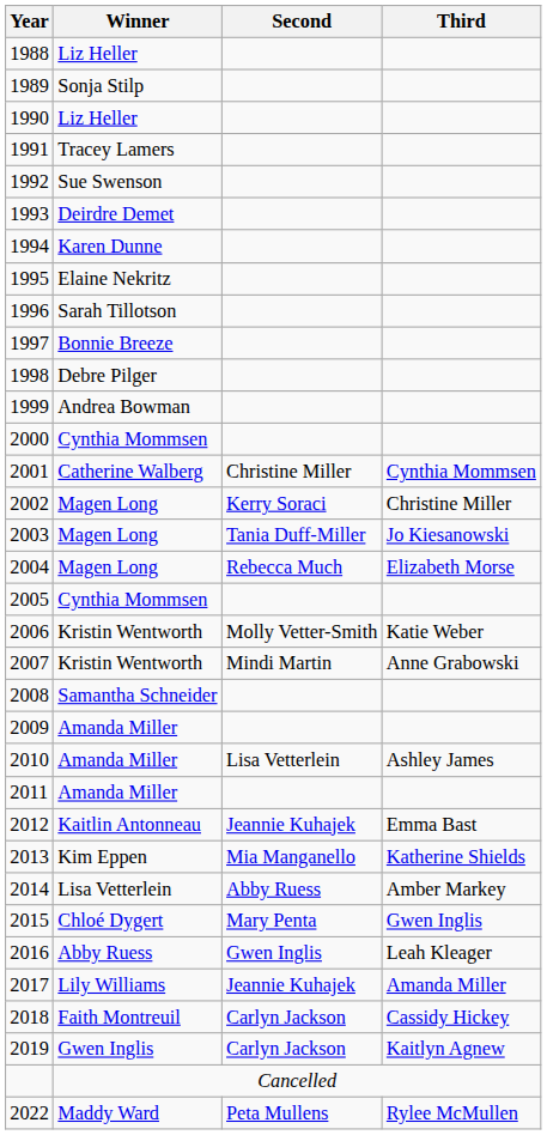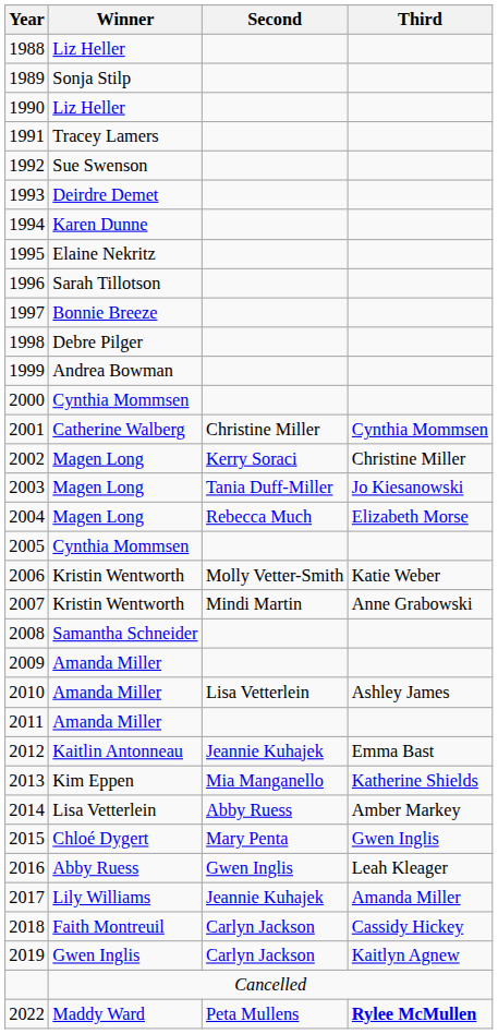 <table class="wikitable sortable" style="font-size:95%">
 <tr>
 <th>Year</th>
 <th>Winner</th>
 <th>Second</th>
 <th>Third</th>
 </tr>
 <tr>
 <td>1988</td>
 <td> <a href='#'>Liz Heller</a></td>
 <td></td>
 <td></td>
 </tr>
 <tr>
 <td>1989</td>
 <td> Sonja Stilp</td>
 <td></td>
 <td></td>
 </tr>
 <tr>
 <td>1990</td>
 <td> <a href='#'>Liz Heller</a></td>
 <td></td>
 <td></td>
 </tr>
 <tr>
 <td>1991</td>
 <td> Tracey Lamers</td>
 <td></td>
 <td></td>
 </tr>
 <tr>
 <td>1992</td>
 <td> Sue Swenson</td>
 <td></td>
 <td></td>
 </tr>
 <tr>
 <td>1993</td>
 <td> <a href='#'>Deirdre Demet</a></td>
 <td></td>
 <td></td>
 </tr>
 <tr>
 <td>1994</td>
 <td> <a href='#'>Karen Dunne</a></td>
 <td></td>
 <td></td>
 </tr>
 <tr>
 <td>1995</td>
 <td> Elaine Nekritz</td>
 <td></td>
 <td></td>
 </tr>
 <tr>
 <td>1996</td>
 <td> Sarah Tillotson</td>
 <td></td>
 <td></td>
 </tr>
 <tr>
 <td>1997</td>
 <td> <a href='#'>Bonnie Breeze</a></td>
 <td></td>
 <td></td>
 </tr>
 <tr>
 <td>1998</td>
 <td> Debre Pilger</td>
 <td></td>
 <td></td>
 </tr>
 <tr>
 <td>1999</td>
 <td> Andrea Bowman</td>
 <td></td>
 <td></td>
 </tr>
 <tr>
 <td>2000</td>
 <td> <a href='#'>Cynthia Mommsen</a></td>
 <td></td>
 <td></td>
 </tr>
 <tr>
 <td>2001</td>
 <td> <a href='#'>Catherine Walberg</a></td>
 <td> Christine Miller</td>
 <td> <a href='#'>Cynthia Mommsen</a></td>
 </tr>
 <tr>
 <td>2002</td>
 <td> <a href='#'>Magen Long</a></td>
 <td> <a href='#'>Kerry Soraci</a></td>
 <td> Christine Miller</td>
 </tr>
 <tr>
 <td>2003</td>
 <td> <a href='#'>Magen Long</a></td>
 <td> <a href='#'>Tania Duff-Miller</a></td>
 <td> <a href='#'>Jo Kiesanowski</a></td>
 </tr>
 <tr>
 <td>2004</td>
 <td> <a href='#'>Magen Long</a></td>
 <td> <a href='#'>Rebecca Much</a></td>
 <td> <a href='#'>Elizabeth Morse</a></td>
 </tr>
 <tr>
 <td>2005</td>
 <td> <a href='#'>Cynthia Mommsen</a></td>
 <td></td>
 <td></td>
 </tr>
 <tr>
 <td>2006</td>
 <td> Kristin Wentworth</td>
 <td> Molly Vetter-Smith</td>
 <td> Katie Weber</td>
 </tr>
 <tr>
 <td>2007</td>
 <td> Kristin Wentworth</td>
 <td> Mindi Martin</td>
 <td> Anne Grabowski</td>
 </tr>
 <tr>
 <td>2008</td>
 <td> <a href='#'>Samantha Schneider</a></td>
 <td></td>
 <td></td>
 </tr>
 <tr>
 <td>2009</td>
 <td> <a href='#'>Amanda Miller</a></td>
 <td></td>
 <td></td>
 </tr>
 <tr>
 <td>2010</td>
 <td> <a href='#'>Amanda Miller</a></td>
 <td> Lisa Vetterlein</td>
 <td> Ashley James</td>
 </tr>
 <tr>
 <td>2011</td>
 <td> <a href='#'>Amanda Miller</a></td>
 <td></td>
 <td></td>
 </tr>
 <tr>
 <td>2012</td>
 <td> <a href='#'>Kaitlin Antonneau</a></td>
 <td> <a href='#'>Jeannie Kuhajek</a></td>
 <td> Emma Bast</td>
 </tr>
 <tr>
 <td>2013</td>
 <td> Kim Eppen</td>
 <td> <a href='#'>Mia Manganello</a></td>
 <td> <a href='#'>Katherine Shields</a></td>
 </tr>
 <tr>
 <td>2014</td>
 <td> Lisa Vetterlein</td>
 <td> <a href='#'>Abby Ruess</a></td>
 <td> Amber Markey</td>
 </tr>
 <tr>
 <td>2015</td>
 <td> <a href='#'>Chloé Dygert</a></td>
 <td> <a href='#'>Mary Penta</a></td>
 <td> <a href='#'>Gwen Inglis</a></td>
 </tr>
 <tr>
 <td>2016</td>
 <td> <a href='#'>Abby Ruess</a></td>
 <td> <a href='#'>Gwen Inglis</a></td>
 <td> Leah Kleager</td>
 </tr>
 <tr>
 <td>2017</td>
 <td> <a href='#'>Lily Williams</a></td>
 <td> <a href='#'>Jeannie Kuhajek</a></td>
 <td> <a href='#'>Amanda Miller</a></td>
 </tr>
 <tr>
 <td>2018</td>
 <td> <a href='#'>Faith Montreuil</a></td>
 <td> <a href='#'>Carlyn Jackson</a></td>
 <td> <a href='#'>Cassidy Hickey</a></td>
 </tr>
 <tr>
 <td>2019</td>
 <td> <a href='#'>Gwen Inglis</a></td>
 <td> <a href='#'>Carlyn Jackson</a></td>
 <td> <a href='#'>Kaitlyn Agnew</a></td>
 </tr>
 <tr>
 <td></td>
 <td colspan=3; align=center><em>Cancelled</em></td>
 </tr>
 <tr>
 <td>2022</td>
 <td> <a href='#'>Maddy Ward</a></td>
 <td> <a href='#'>Peta Mullens</a></td>
-<td> <a href='#'>Rylee McMullen</a></td>
+<td><strong> <a href='#'>Rylee McMullen</a></strong></td>
 </tr>
 </table>
